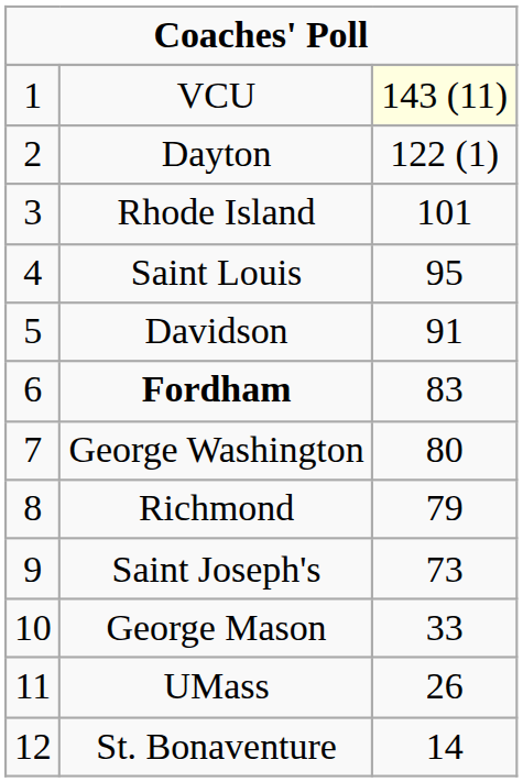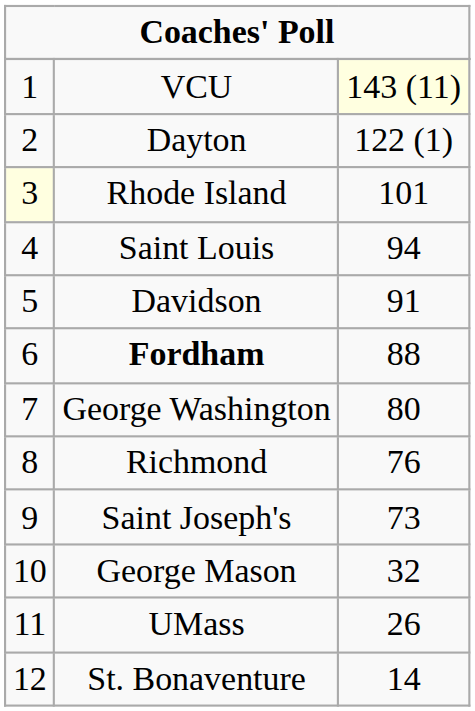 <table class="wikitable" style="display: inline-table;">
 <tr>
 <td align="center" Colspan="3"><strong>Coaches' Poll</strong></td>
 </tr>
 <tr align="center">
 </tr>
 <tr align="center">
 <td>1</td>
 <td>VCU</td>
 <td style="background: lightyellow;">143 (11)</td>
 </tr>
 <tr align="center">
 <td>2</td>
 <td>Dayton</td>
 <td>122 (1)</td>
 </tr>
 <tr align="center">
-<td>3</td>
+<td style="background: lightyellow;">3</td>
 <td>Rhode Island</td>
 <td>101</td>
 </tr>
 <tr align="center">
 <td>4</td>
 <td>Saint Louis</td>
-<td>95</td>
+<td>94</td>
 </tr>
 <tr align="center">
 <td>5</td>
 <td>Davidson</td>
 <td>91</td>
 </tr>
 <tr align="center">
 <td>6</td>
 <td><strong>Fordham</strong></td>
-<td>83</td>
+<td>88</td>
 </tr>
 <tr align="center">
 <td>7</td>
 <td>George Washington</td>
 <td>80</td>
 </tr>
 <tr align="center">
 <td>8</td>
 <td>Richmond</td>
-<td>79</td>
+<td>76</td>
 </tr>
 <tr align="center">
 <td>9</td>
 <td>Saint Joseph's</td>
 <td>73</td>
 </tr>
 <tr align="center">
 <td>10</td>
 <td>George Mason</td>
-<td>33</td>
+<td>32</td>
 </tr>
 <tr align="center">
 <td>11</td>
 <td>UMass</td>
 <td>26</td>
 </tr>
 <tr align="center">
 <td>12</td>
 <td>St. Bonaventure</td>
 <td>14</td>
 </tr>
 </table>
